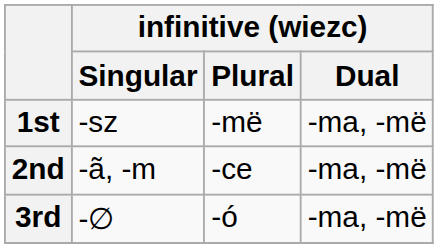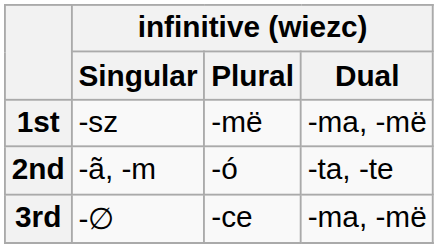 <table class="wikitable">
 <tr>
 <th rowspan="2"></th>
 <th colspan="4">infinitive (wiezc)</th>
 </tr>
 <tr>
 <th>Singular</th>
 <th>Plural</th>
 <th>Dual</th>
 </tr>
 <tr>
 <th>1st</th>
 <td>-sz</td>
 <td>-më</td>
 <td>-ma, -më</td>
 </tr>
 <tr>
 <th>2nd</th>
 <td>-ã, -m</td>
-<td>-ce</td>
-<td>-ma, -më</td>
+<td>-ó</td>
+<td>-ta, -te</td>
 </tr>
 <tr>
 <th>3rd</th>
 <td>-∅</td>
-<td>-ó</td>
+<td>-ce</td>
 <td>-ma, -më</td>
 </tr>
 <tr>
 </tr>
 </table>
